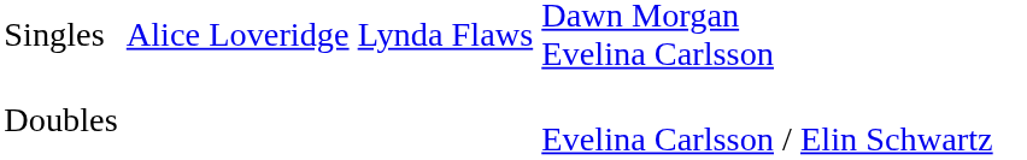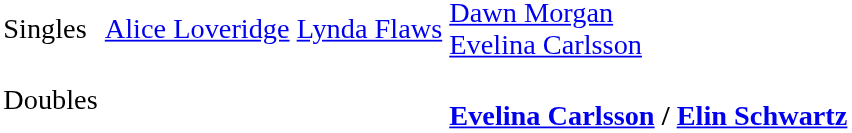 <table>
 <tr>
 <td>Singles</td>
 <td> <a href='#'>Alice Loveridge</a></td>
 <td> <a href='#'>Lynda Flaws</a></td>
 <td> <a href='#'>Dawn Morgan</a><br> <a href='#'>Evelina Carlsson</a></td>
 </tr>
 <tr>
 <td>Doubles</td>
 <td></td>
 <td></td>
-<td><br> <a href='#'>Evelina Carlsson</a> / <a href='#'>Elin Schwartz</a></td>
+<td><strong><br> <a href='#'>Evelina Carlsson</a> / <a href='#'>Elin Schwartz</a></strong></td>
 </tr>
 </table>
